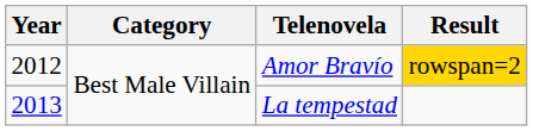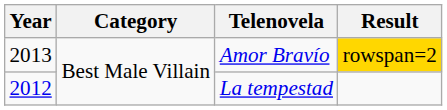 <table class="wikitable">
 <tr>
 <th>Year</th>
 <th>Category</th>
 <th>Telenovela</th>
 <th>Result</th>
 </tr>
 <tr>
-<td>2012</td>
+<td>2013</td>
 <td rowspan=2>Best Male Villain</td>
 <td><em><a href='#'>Amor Bravío</a></em></td>
 <td style="background: gold;">rowspan=2 </td>
 </tr>
 <tr>
-<td><a href='#'>2013</a></td>
+<td><a href='#'>2012</a></td>
 <td><em><a href='#'>La tempestad</a></em></td>
 </tr>
 </table>
